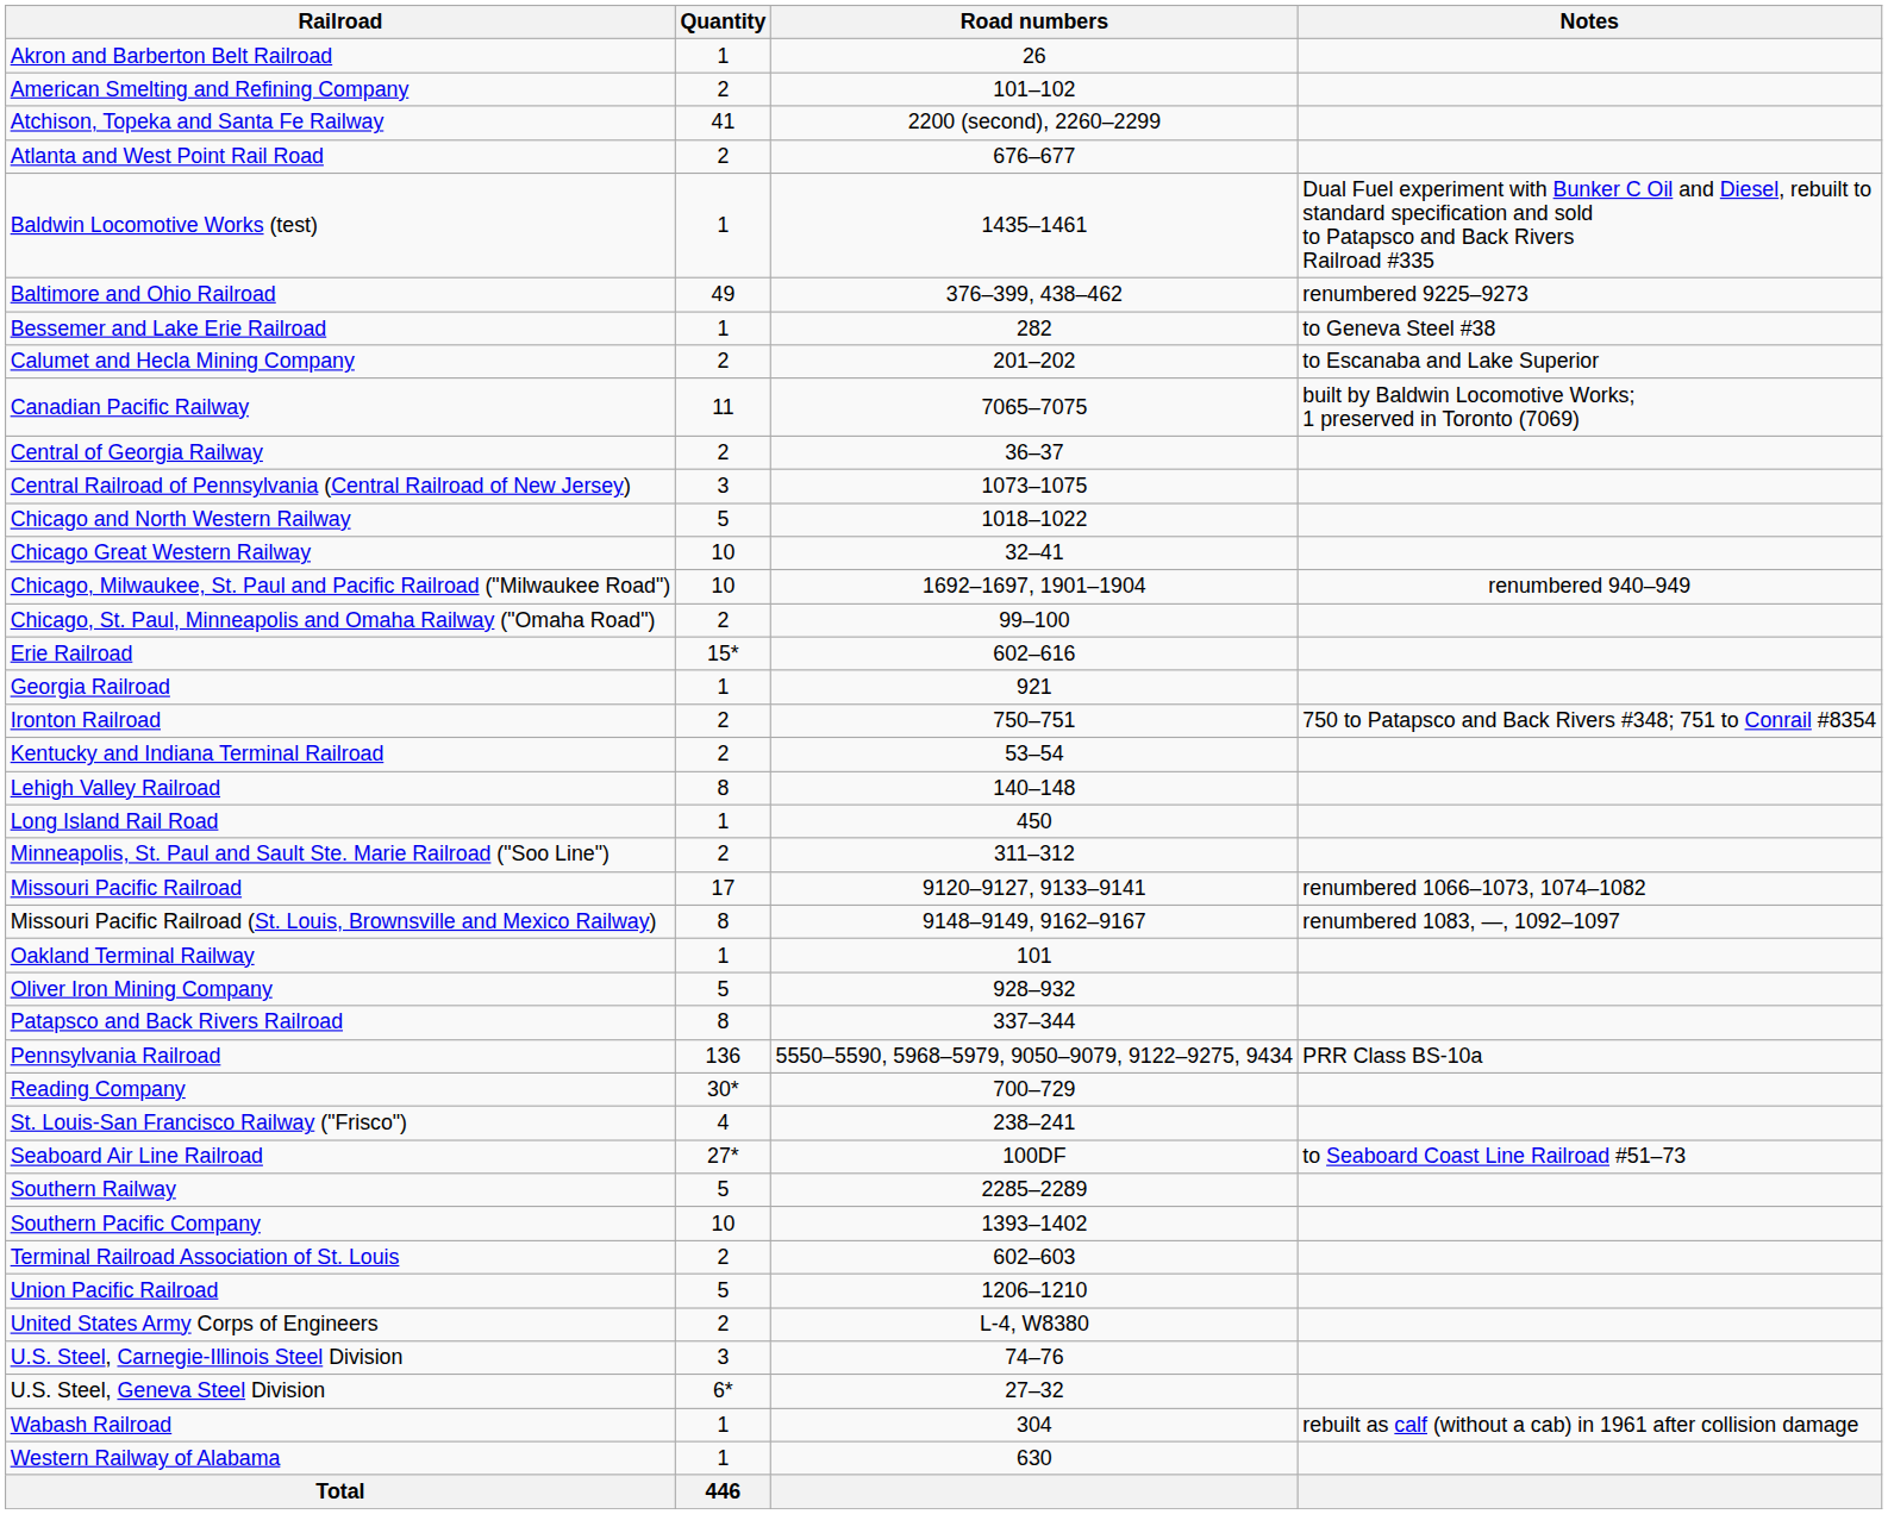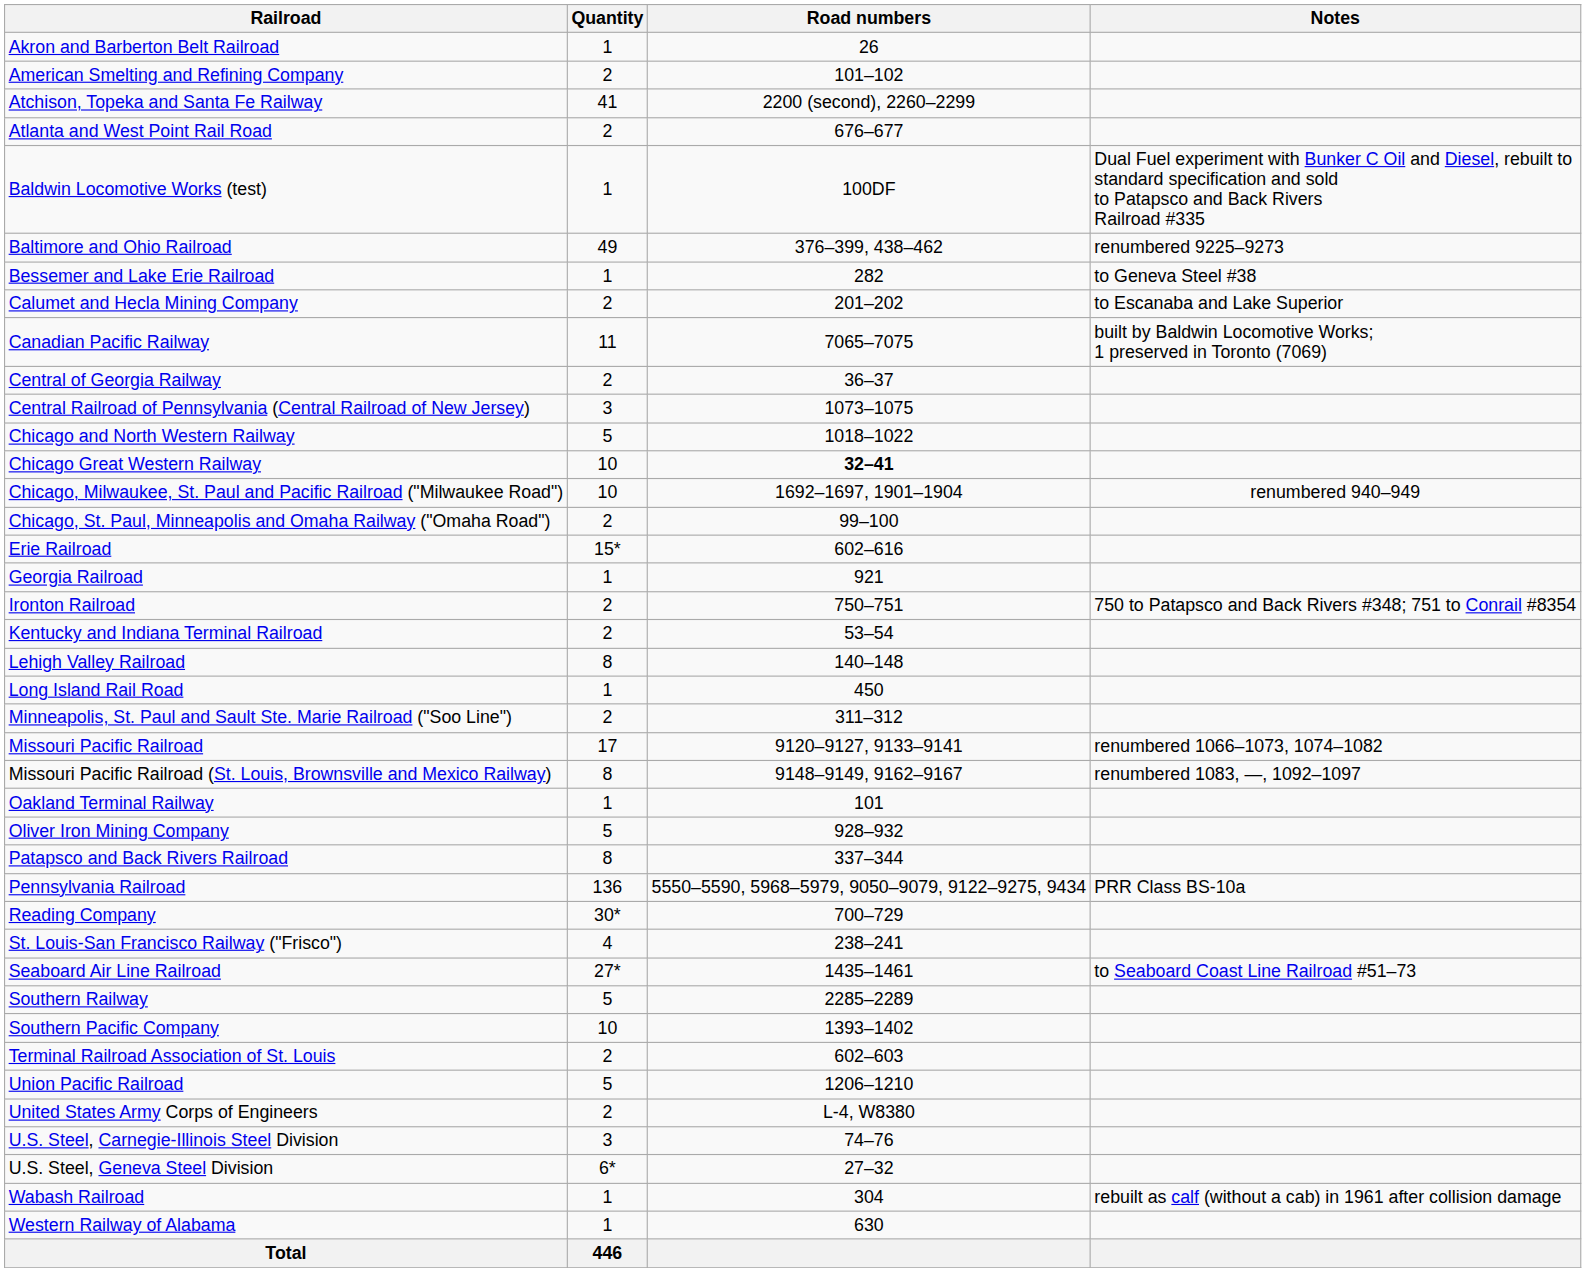 <table class="wikitable" style="text-align: center;">
 <tr>
 <th>Railroad</th>
 <th>Quantity</th>
 <th>Road numbers</th>
 <th>Notes</th>
 </tr>
 <tr>
 <td style="text-align: left;"><a href='#'>Akron and Barberton Belt Railroad</a></td>
 <td>1</td>
 <td>26</td>
 <td></td>
 </tr>
 <tr>
 <td style="text-align: left;"><a href='#'>American Smelting and Refining Company</a></td>
 <td>2</td>
 <td>101–102</td>
 <td></td>
 </tr>
 <tr>
 <td style="text-align: left;"><a href='#'>Atchison, Topeka and Santa Fe Railway</a></td>
 <td>41</td>
 <td>2200 (second), 2260–2299</td>
 <td></td>
 </tr>
 <tr>
 <td style="text-align: left;"><a href='#'>Atlanta and West Point Rail Road</a></td>
 <td>2</td>
 <td>676–677</td>
 <td></td>
 </tr>
 <tr>
 <td style="text-align: left;"><a href='#'>Baldwin Locomotive Works</a> (test)</td>
 <td>1</td>
-<td>1435–1461</td>
+<td>100DF</td>
 <td style="text-align: left;">Dual Fuel experiment with <a href='#'>Bunker C Oil</a> and <a href='#'>Diesel</a>, rebuilt to <br>standard specification and sold <br>to Patapsco and Back Rivers<br> Railroad #335</td>
 </tr>
 <tr>
 <td style="text-align: left;"><a href='#'>Baltimore and Ohio Railroad</a></td>
 <td>49</td>
 <td>376–399, 438–462</td>
 <td style="text-align: left;">renumbered 9225–9273</td>
 </tr>
 <tr>
 <td style="text-align: left;"><a href='#'>Bessemer and Lake Erie Railroad</a></td>
 <td>1</td>
 <td>282</td>
 <td style="text-align: left;">to Geneva Steel #38</td>
 </tr>
 <tr>
 <td style="text-align: left;"><a href='#'>Calumet and Hecla Mining Company</a></td>
 <td>2</td>
 <td>201–202</td>
 <td style="text-align: left;">to Escanaba and Lake Superior</td>
 </tr>
 <tr>
 <td style="text-align: left;"><a href='#'>Canadian Pacific Railway</a></td>
 <td>11</td>
 <td>7065–7075</td>
 <td style="text-align: left;">built by Baldwin Locomotive Works;<br> 1 preserved in Toronto (7069)</td>
 </tr>
 <tr>
 <td style="text-align: left;"><a href='#'>Central of Georgia Railway</a></td>
 <td>2</td>
 <td>36–37</td>
 <td></td>
 </tr>
 <tr>
 <td style="text-align: left;"><a href='#'>Central Railroad of Pennsylvania</a> (<a href='#'>Central Railroad of New Jersey</a>)</td>
 <td>3</td>
 <td>1073–1075</td>
 <td></td>
 </tr>
 <tr>
 <td style="text-align: left;"><a href='#'>Chicago and North Western Railway</a></td>
 <td>5</td>
 <td>1018–1022</td>
 <td></td>
 </tr>
 <tr>
 <td style="text-align: left;"><a href='#'>Chicago Great Western Railway</a></td>
 <td>10</td>
-<td>32–41</td>
+<td><strong>32–41</strong></td>
 <td></td>
 </tr>
 <tr>
 <td style="text-align: left;"><a href='#'>Chicago, Milwaukee, St. Paul and Pacific Railroad</a> ("Milwaukee Road")</td>
 <td>10</td>
 <td>1692–1697, 1901–1904</td>
 <td>renumbered 940–949</td>
 </tr>
 <tr>
 <td style="text-align: left;"><a href='#'>Chicago, St. Paul, Minneapolis and Omaha Railway</a> ("Omaha Road")</td>
 <td>2</td>
 <td>99–100</td>
 <td></td>
 </tr>
 <tr>
 <td style="text-align: left;"><a href='#'>Erie Railroad</a></td>
 <td>15*</td>
 <td>602–616</td>
 <td></td>
 </tr>
 <tr>
 <td style="text-align: left;"><a href='#'>Georgia Railroad</a></td>
 <td>1</td>
 <td>921</td>
 <td></td>
 </tr>
 <tr>
 <td style="text-align: left;"><a href='#'>Ironton Railroad</a></td>
 <td>2</td>
 <td>750–751</td>
 <td style="text-align: left;">750 to Patapsco and Back Rivers #348; 751 to <a href='#'>Conrail</a> #8354</td>
 </tr>
 <tr>
 <td style="text-align: left;"><a href='#'>Kentucky and Indiana Terminal Railroad</a></td>
 <td>2</td>
 <td>53–54</td>
 <td></td>
 </tr>
 <tr>
 <td style="text-align: left;"><a href='#'>Lehigh Valley Railroad</a></td>
 <td>8</td>
 <td>140–148</td>
 <td></td>
 </tr>
 <tr>
 <td style="text-align: left;"><a href='#'>Long Island Rail Road</a></td>
 <td>1</td>
 <td>450</td>
 <td></td>
 </tr>
 <tr>
 <td style="text-align: left;"><a href='#'>Minneapolis, St. Paul and Sault Ste. Marie Railroad</a> ("Soo Line")</td>
 <td>2</td>
 <td>311–312</td>
 <td></td>
 </tr>
 <tr>
 <td style="text-align: left;"><a href='#'>Missouri Pacific Railroad</a></td>
 <td>17</td>
 <td>9120–9127, 9133–9141</td>
 <td style="text-align: left;">renumbered 1066–1073, 1074–1082</td>
 </tr>
 <tr>
 <td style="text-align: left;">Missouri Pacific Railroad (<a href='#'>St. Louis, Brownsville and Mexico Railway</a>)</td>
 <td>8</td>
 <td>9148–9149, 9162–9167</td>
 <td style="text-align: left;">renumbered 1083, —, 1092–1097</td>
 </tr>
 <tr>
 <td style="text-align: left;"><a href='#'>Oakland Terminal Railway</a></td>
 <td>1</td>
 <td>101</td>
 <td></td>
 </tr>
 <tr>
 <td style="text-align: left;"><a href='#'>Oliver Iron Mining Company</a></td>
 <td>5</td>
 <td>928–932</td>
 <td></td>
 </tr>
 <tr>
 <td style="text-align: left;"><a href='#'>Patapsco and Back Rivers Railroad</a></td>
 <td>8</td>
 <td>337–344</td>
 <td></td>
 </tr>
 <tr>
 <td style="text-align: left;"><a href='#'>Pennsylvania Railroad</a></td>
 <td>136</td>
 <td>5550–5590, 5968–5979, 9050–9079, 9122–9275, 9434</td>
 <td style="text-align: left;">PRR Class BS-10a</td>
 </tr>
 <tr>
 <td style="text-align: left;"><a href='#'>Reading Company</a></td>
 <td>30*</td>
 <td>700–729</td>
 <td></td>
 </tr>
 <tr>
 <td style="text-align: left;"><a href='#'>St. Louis-San Francisco Railway</a> ("Frisco")</td>
 <td>4</td>
 <td>238–241</td>
 <td></td>
 </tr>
 <tr>
 <td style="text-align: left;"><a href='#'>Seaboard Air Line Railroad</a></td>
 <td>27*</td>
-<td>100DF</td>
+<td>1435–1461</td>
 <td style="text-align: left;">to <a href='#'>Seaboard Coast Line Railroad</a> #51–73</td>
 </tr>
 <tr>
 <td style="text-align: left;"><a href='#'>Southern Railway</a></td>
 <td>5</td>
 <td>2285–2289</td>
 <td></td>
 </tr>
 <tr>
 <td style="text-align: left;"><a href='#'>Southern Pacific Company</a></td>
 <td>10</td>
 <td>1393–1402</td>
 <td></td>
 </tr>
 <tr>
 <td style="text-align: left;"><a href='#'>Terminal Railroad Association of St. Louis</a></td>
 <td>2</td>
 <td>602–603</td>
 <td></td>
 </tr>
 <tr>
 <td style="text-align: left;"><a href='#'>Union Pacific Railroad</a></td>
 <td>5</td>
 <td>1206–1210</td>
 <td></td>
 </tr>
 <tr>
 <td style="text-align: left;"><a href='#'>United States Army</a> Corps of Engineers</td>
 <td>2</td>
 <td>L-4, W8380</td>
 <td></td>
 </tr>
 <tr>
 <td style="text-align: left;"><a href='#'>U.S. Steel</a>, <a href='#'>Carnegie-Illinois Steel</a> Division</td>
 <td>3</td>
 <td>74–76</td>
 <td></td>
 </tr>
 <tr>
 <td style="text-align: left;">U.S. Steel, <a href='#'>Geneva Steel</a> Division</td>
 <td>6*</td>
 <td>27–32</td>
 <td></td>
 </tr>
 <tr>
 <td style="text-align: left;"><a href='#'>Wabash Railroad</a></td>
 <td>1</td>
 <td>304</td>
 <td style="text-align: left;">rebuilt as <a href='#'>calf</a> (without a cab) in 1961 after collision damage</td>
 </tr>
 <tr>
 <td style="text-align: left;"><a href='#'>Western Railway of Alabama</a></td>
 <td>1</td>
 <td>630</td>
 <td></td>
 </tr>
 <tr>
 <th>Total</th>
 <th>446</th>
 <th></th>
 <th></th>
 </tr>
 </table>
